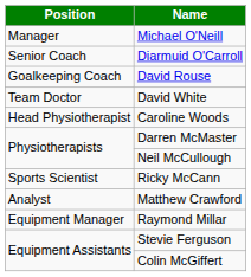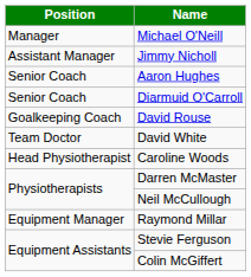 <table class="wikitable" style="text-align:left;">
 <tr>
 <th style="background-color:#008000; color:white; ">Position</th>
 <th style="background-color:#008000; color:white; ">Name</th>
 </tr>
 <tr>
 <td>Manager</td>
 <td> <a href='#'>Michael O'Neill</a></td>
+</tr>
+<tr>
+<td>Assistant Manager</td>
+<td> <a href='#'>Jimmy Nicholl</a></td>
+</tr>
+<tr>
+<td>Senior Coach</td>
+<td> <a href='#'>Aaron Hughes</a></td>
 </tr>
 <tr>
 <td>Senior Coach</td>
 <td> <a href='#'>Diarmuid O'Carroll</a></td>
 </tr>
 <tr>
 <td>Goalkeeping Coach</td>
 <td> <a href='#'>David Rouse</a></td>
 </tr>
 <tr>
 <td>Team Doctor</td>
 <td> David White</td>
 </tr>
 <tr>
 <td>Head Physiotherapist</td>
 <td> Caroline Woods</td>
 </tr>
 <tr>
 <td rowspan=2>Physiotherapists</td>
 <td> Darren McMaster</td>
 </tr>
 <tr>
 <td> Neil McCullough</td>
 </tr>
 <tr>
-<td>Sports Scientist</td>
-<td> Ricky McCann</td>
-</tr>
-<tr>
-<td>Analyst</td>
-<td> Matthew Crawford</td>
-</tr>
-<tr>
 <td>Equipment Manager</td>
 <td> Raymond Millar</td>
 </tr>
 <tr>
 <td rowspan=2>Equipment Assistants</td>
 <td> Stevie Ferguson</td>
 </tr>
 <tr>
 <td> Colin McGiffert</td>
 </tr>
 </table>
